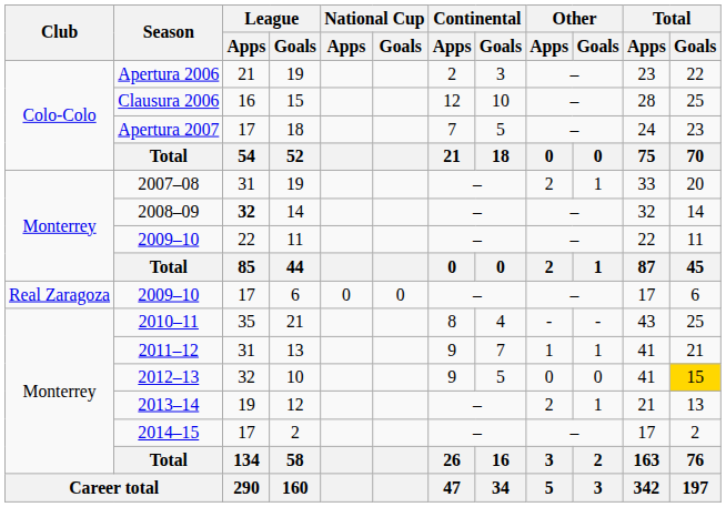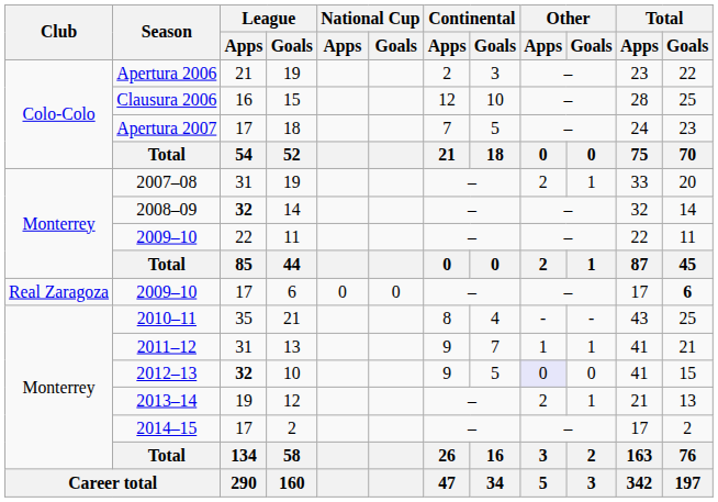 <table class="wikitable" style="text-align:center">
 <tr>
 <th rowspan="2">Club</th>
 <th rowspan="2">Season</th>
 <th colspan="2">League</th>
 <th colspan="2">National Cup</th>
 <th colspan="2">Continental</th>
 <th colspan="2">Other</th>
 <th colspan="2">Total</th>
 </tr>
 <tr>
 <th>Apps</th>
 <th>Goals</th>
 <th>Apps</th>
 <th>Goals</th>
 <th>Apps</th>
 <th>Goals</th>
 <th>Apps</th>
 <th>Goals</th>
 <th>Apps</th>
 <th>Goals</th>
 </tr>
 <tr>
 <td rowspan="4"><a href='#'>Colo-Colo</a></td>
 <td><a href='#'>Apertura 2006</a></td>
 <td>21</td>
 <td>19</td>
 <td></td>
 <td></td>
 <td>2</td>
 <td>3</td>
 <td colspan="2">–</td>
 <td>23</td>
 <td>22</td>
 </tr>
 <tr>
 <td><a href='#'>Clausura 2006</a></td>
 <td>16</td>
 <td>15</td>
 <td></td>
 <td></td>
 <td>12</td>
 <td>10</td>
 <td colspan="2">–</td>
 <td>28</td>
 <td>25</td>
 </tr>
 <tr>
 <td><a href='#'>Apertura 2007</a></td>
 <td>17</td>
 <td>18</td>
 <td></td>
 <td></td>
 <td>7</td>
 <td>5</td>
 <td colspan="2">–</td>
 <td>24</td>
 <td>23</td>
 </tr>
 <tr>
 <th>Total</th>
 <th>54</th>
 <th>52</th>
 <th></th>
 <th></th>
 <th>21</th>
 <th>18</th>
 <th>0</th>
 <th>0</th>
 <th>75</th>
 <th>70</th>
 </tr>
 <tr>
 <td rowspan="4"><a href='#'>Monterrey</a></td>
 <td>2007–08</td>
 <td>31</td>
 <td>19</td>
 <td></td>
 <td></td>
 <td colspan="2">–</td>
 <td>2</td>
 <td>1</td>
 <td>33</td>
 <td>20</td>
 </tr>
 <tr>
 <td>2008–09</td>
 <td><strong>32</strong></td>
 <td>14</td>
 <td></td>
 <td></td>
 <td colspan="2">–</td>
 <td colspan="2">–</td>
 <td>32</td>
 <td>14</td>
 </tr>
 <tr>
 <td><a href='#'>2009–10</a></td>
 <td>22</td>
 <td>11</td>
 <td></td>
 <td></td>
 <td colspan="2">–</td>
 <td colspan="2">–</td>
 <td>22</td>
 <td>11</td>
 </tr>
 <tr>
 <th>Total</th>
 <th>85</th>
 <th>44</th>
 <th></th>
 <th></th>
 <th>0</th>
 <th>0</th>
 <th>2</th>
 <th>1</th>
 <th>87</th>
 <th>45</th>
 </tr>
 <tr>
 <td><a href='#'>Real Zaragoza</a></td>
 <td><a href='#'>2009–10</a></td>
 <td>17</td>
 <td>6</td>
 <td>0</td>
 <td>0</td>
 <td colspan="2">–</td>
 <td colspan="2">–</td>
 <td>17</td>
-<td>6</td>
+<td><strong>6</strong></td>
 </tr>
 <tr>
 <td rowspan="6">Monterrey</td>
 <td><a href='#'>2010–11</a></td>
 <td>35</td>
 <td>21</td>
 <td></td>
 <td></td>
 <td>8</td>
 <td>4</td>
 <td>-</td>
 <td>-</td>
 <td>43</td>
 <td>25</td>
 </tr>
 <tr>
 <td><a href='#'>2011–12</a></td>
 <td>31</td>
 <td>13</td>
 <td></td>
 <td></td>
 <td>9</td>
 <td>7</td>
 <td>1</td>
 <td>1</td>
 <td>41</td>
 <td>21</td>
 </tr>
 <tr>
 <td><a href='#'>2012–13</a></td>
-<td>32</td>
+<td><strong>32</strong></td>
 <td>10</td>
 <td></td>
 <td></td>
 <td>9</td>
 <td>5</td>
-<td>0</td>
+<td style="background: lavender;">0</td>
 <td>0</td>
 <td>41</td>
-<td style="background: gold;">15</td>
+<td>15</td>
 </tr>
 <tr>
 <td><a href='#'>2013–14</a></td>
 <td>19</td>
 <td>12</td>
 <td></td>
 <td></td>
 <td colspan="2">–</td>
 <td>2</td>
 <td>1</td>
 <td>21</td>
 <td>13</td>
 </tr>
 <tr>
 <td><a href='#'>2014–15</a></td>
 <td>17</td>
 <td>2</td>
 <td></td>
 <td></td>
 <td colspan="2">–</td>
 <td colspan="2">–</td>
 <td>17</td>
 <td>2</td>
 </tr>
 <tr>
 <th>Total</th>
 <th>134</th>
 <th>58</th>
 <th></th>
 <th></th>
 <th>26</th>
 <th>16</th>
 <th>3</th>
 <th>2</th>
 <th>163</th>
 <th>76</th>
 </tr>
 <tr>
 <th colspan="2">Career total</th>
 <th>290</th>
 <th>160</th>
 <th></th>
 <th></th>
 <th>47</th>
 <th>34</th>
 <th>5</th>
 <th>3</th>
 <th>342</th>
 <th>197</th>
 </tr>
 </table>
